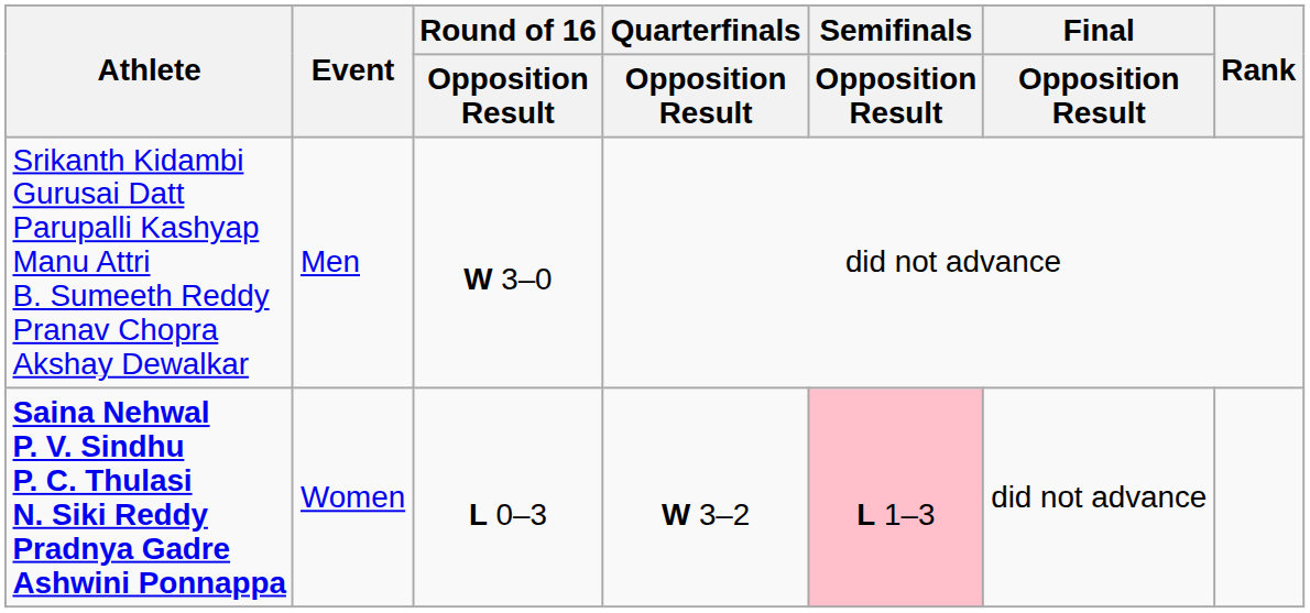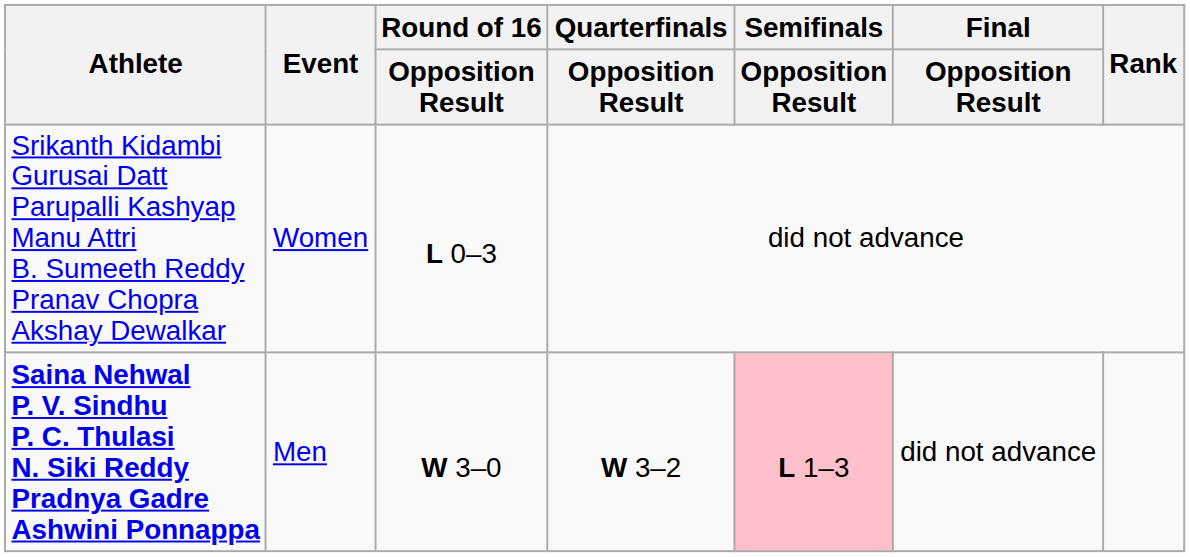 <table class=wikitable style="text-align:center; font-size:90%">
 <tr>
 <th rowspan=2>Athlete</th>
 <th rowspan=2>Event</th>
 <th>Round of 16</th>
 <th>Quarterfinals</th>
 <th>Semifinals</th>
 <th>Final</th>
 <th rowspan=2>Rank</th>
 </tr>
 <tr>
 <th>Opposition<br>Result</th>
 <th>Opposition<br>Result</th>
 <th>Opposition<br>Result</th>
 <th>Opposition<br>Result</th>
 </tr>
 <tr>
 <td align=left><a href='#'>Srikanth Kidambi</a><br><a href='#'>Gurusai Datt</a><br><a href='#'>Parupalli Kashyap</a><br><a href='#'>Manu Attri</a><br><a href='#'>B. Sumeeth Reddy</a><br><a href='#'>Pranav Chopra</a><br><a href='#'>Akshay Dewalkar</a></td>
-<td align=left><a href='#'>Men</a></td>
-<td><br><strong>W</strong> 3–0</td>
+<td align=left><a href='#'>Women</a></td>
+<td><br><strong>L</strong> 0–3</td>
 <td colspan=4>did not advance</td>
 </tr>
 <tr>
 <td align=left><strong><a href='#'>Saina Nehwal</a><br><a href='#'>P. V. Sindhu</a><br><a href='#'>P. C. Thulasi</a><br><a href='#'>N. Siki Reddy</a><br><a href='#'>Pradnya Gadre</a><br><a href='#'>Ashwini Ponnappa</a></strong></td>
-<td align=left><a href='#'>Women</a></td>
-<td><br><strong>L</strong> 0–3</td>
+<td align=left><a href='#'>Men</a></td>
+<td><br><strong>W</strong> 3–0</td>
 <td><br><strong>W</strong> 3–2</td>
 <td style="background: pink;"><br><strong>L</strong> 1–3</td>
 <td>did not advance</td>
 <td></td>
 </tr>
 </table>
